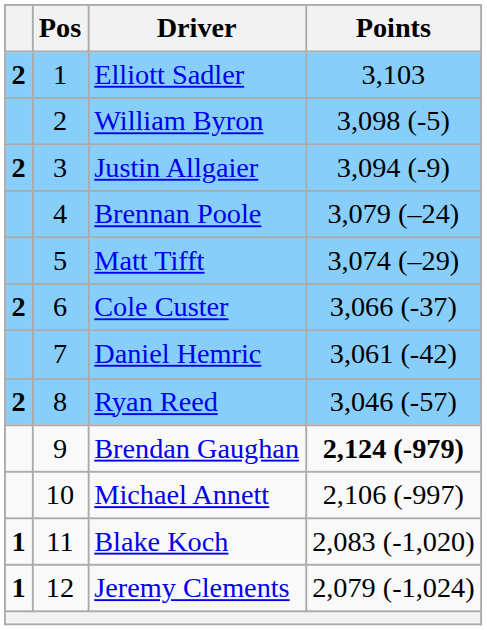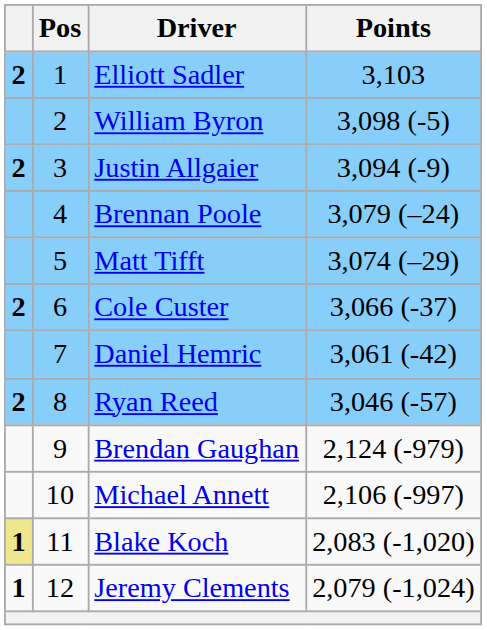 <table class="wikitable" style="font-size: 95%;">
 <tr>
 <th></th>
 <th>Pos</th>
 <th>Driver</th>
 <th>Points</th>
 </tr>
 <tr style="background:#87CEFA;">
 <td align="left"> <strong>2</strong></td>
 <td style="text-align:center;">1</td>
 <td><a href='#'>Elliott Sadler</a></td>
 <td style="text-align:center;">3,103</td>
 </tr>
 <tr style="background:#87CEFA;">
 <td align="left"></td>
 <td style="text-align:center;">2</td>
 <td><a href='#'>William Byron</a></td>
 <td style="text-align:center;">3,098 (-5)</td>
 </tr>
 <tr style="background:#87CEFA;">
 <td align="left"> <strong>2</strong></td>
 <td style="text-align:center;">3</td>
 <td><a href='#'>Justin Allgaier</a></td>
 <td style="text-align:center;">3,094 (-9)</td>
 </tr>
 <tr style="background:#87CEFA;">
 <td align="left"></td>
 <td style="text-align:center;">4</td>
 <td><a href='#'>Brennan Poole</a></td>
 <td style="text-align:center;">3,079 (–24)</td>
 </tr>
 <tr style="background:#87CEFA;">
 <td align="left"></td>
 <td style="text-align:center;">5</td>
 <td><a href='#'>Matt Tifft</a></td>
 <td style="text-align:center;">3,074 (–29)</td>
 </tr>
 <tr style="background:#87CEFA;">
 <td align="left"> <strong>2</strong></td>
 <td style="text-align:center;">6</td>
 <td><a href='#'>Cole Custer</a></td>
 <td style="text-align:center;">3,066 (-37)</td>
 </tr>
 <tr style="background:#87CEFA;">
 <td align="left"></td>
 <td style="text-align:center;">7</td>
 <td><a href='#'>Daniel Hemric</a></td>
 <td style="text-align:center;">3,061 (-42)</td>
 </tr>
 <tr style="background:#87CEFA;">
 <td align="left"> <strong>2</strong></td>
 <td style="text-align:center;">8</td>
 <td><a href='#'>Ryan Reed</a></td>
 <td style="text-align:center;">3,046 (-57)</td>
 </tr>
 <tr>
 <td align="left"></td>
 <td style="text-align:center;">9</td>
 <td><a href='#'>Brendan Gaughan</a></td>
-<td style="text-align:center;"><strong>2,124 (-979)</strong></td>
+<td style="text-align:center;">2,124 (-979)</td>
 </tr>
 <tr>
 <td align="left"></td>
 <td style="text-align:center;">10</td>
 <td><a href='#'>Michael Annett</a></td>
 <td style="text-align:center;">2,106 (-997)</td>
 </tr>
 <tr>
-<td align="left"> <strong>1</strong></td>
+<td align="left" style="background: khaki;"> <strong>1</strong></td>
 <td style="text-align:center;">11</td>
 <td><a href='#'>Blake Koch</a></td>
 <td style="text-align:center;">2,083 (-1,020)</td>
 </tr>
 <tr>
 <td align="left"> <strong>1</strong></td>
 <td style="text-align:center;">12</td>
 <td><a href='#'>Jeremy Clements</a></td>
 <td style="text-align:center;">2,079 (-1,024)</td>
 </tr>
 <tr class="sortbottom">
 <th colspan="9"></th>
 </tr>
 </table>
